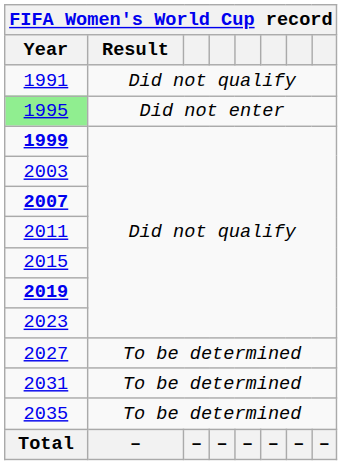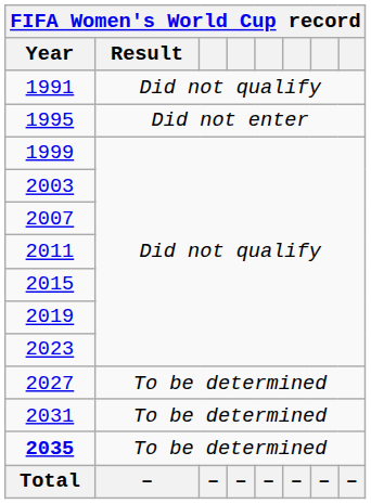 <table class="wikitable" style="text-align: center;">
 <tr>
 <th colspan=8><a href='#'>FIFA Women's World Cup</a> record</th>
 </tr>
 <tr>
 <th>Year</th>
 <th>Result</th>
 <th></th>
 <th></th>
 <th></th>
 <th></th>
 <th></th>
 <th></th>
 </tr>
 <tr>
 <td> <a href='#'>1991</a></td>
 <td colspan=7><em>Did not qualify</em></td>
 </tr>
 <tr>
-<td style="background: lightgreen;"> <a href='#'>1995</a></td>
+<td> <a href='#'>1995</a></td>
 <td colspan=7><em>Did not enter</em></td>
 </tr>
 <tr>
-<td><strong> <a href='#'>1999</a></strong></td>
+<td> <a href='#'>1999</a></td>
 <td colspan=7 rowspan=7><em>Did not qualify</em></td>
 </tr>
 <tr>
 <td> <a href='#'>2003</a></td>
 </tr>
 <tr>
-<td><strong> <a href='#'>2007</a></strong></td>
+<td> <a href='#'>2007</a></td>
 </tr>
 <tr>
 <td> <a href='#'>2011</a></td>
 </tr>
 <tr>
 <td> <a href='#'>2015</a></td>
 </tr>
 <tr>
-<td><strong> <a href='#'>2019</a></strong></td>
+<td> <a href='#'>2019</a></td>
 </tr>
 <tr>
 <td> <a href='#'>2023</a></td>
 </tr>
 <tr>
 <td> <a href='#'>2027</a></td>
 <td colspan=7><em>To be determined</em></td>
 </tr>
 <tr>
 <td> <a href='#'>2031</a></td>
 <td colspan=7><em>To be determined</em></td>
 </tr>
 <tr>
-<td> <a href='#'>2035</a></td>
+<td><strong> <a href='#'>2035</a></strong></td>
 <td colspan=7><em>To be determined</em></td>
 </tr>
 <tr>
 <th>Total</th>
 <th>–</th>
 <th>–</th>
 <th>–</th>
 <th>–</th>
 <th>–</th>
 <th>–</th>
 <th>–</th>
 </tr>
 </table>
